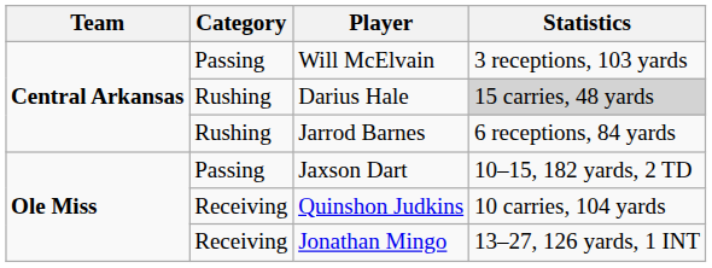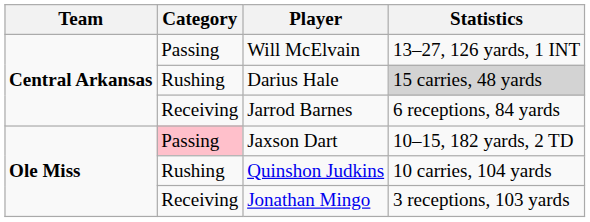 <table class="wikitable" style="float: right;">
 <tr>
 <th>Team</th>
 <th>Category</th>
 <th>Player</th>
 <th>Statistics</th>
 </tr>
 <tr>
 <td rowspan=3><strong>Central Arkansas</strong></td>
 <td>Passing</td>
 <td>Will McElvain</td>
-<td>3 receptions, 103 yards</td>
+<td>13–27, 126 yards, 1 INT</td>
 </tr>
 <tr>
 <td>Rushing</td>
 <td>Darius Hale</td>
 <td style="background: lightgrey;">15 carries, 48 yards</td>
 </tr>
 <tr>
-<td>Rushing</td>
+<td>Receiving</td>
 <td>Jarrod Barnes</td>
 <td>6 receptions, 84 yards</td>
 </tr>
 <tr>
 <td rowspan=3><strong>Ole Miss</strong></td>
-<td>Passing</td>
+<td style="background: pink;">Passing</td>
 <td>Jaxson Dart</td>
 <td>10–15, 182 yards, 2 TD</td>
 </tr>
 <tr>
-<td>Receiving</td>
+<td>Rushing</td>
 <td><a href='#'>Quinshon Judkins</a></td>
 <td>10 carries, 104 yards</td>
 </tr>
 <tr>
 <td>Receiving</td>
 <td><a href='#'>Jonathan Mingo</a></td>
-<td>13–27, 126 yards, 1 INT</td>
+<td>3 receptions, 103 yards</td>
 </tr>
 </table>
